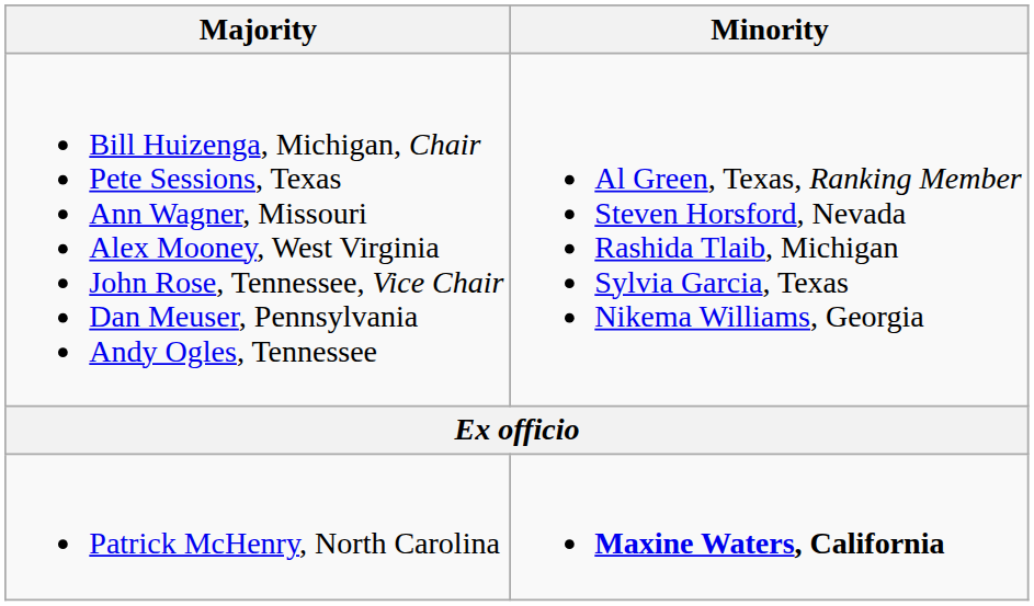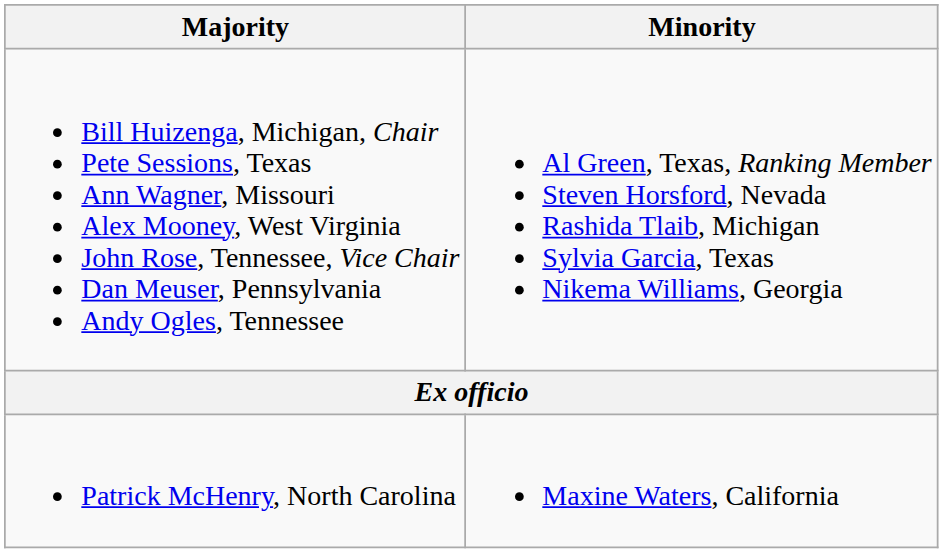 <table class=wikitable>
 <tr>
 <th>Majority</th>
 <th>Minority</th>
 </tr>
 <tr>
 <td><br><ul><li><a href='#'>Bill Huizenga</a>, Michigan, <em>Chair</em></li><li><a href='#'>Pete Sessions</a>, Texas</li><li><a href='#'>Ann Wagner</a>, Missouri</li><li><a href='#'>Alex Mooney</a>, West Virginia</li><li><a href='#'>John Rose</a>, Tennessee, <em>Vice Chair</em></li><li><a href='#'>Dan Meuser</a>, Pennsylvania</li><li><a href='#'>Andy Ogles</a>, Tennessee</li></ul></td>
 <td><br><ul><li><a href='#'>Al Green</a>, Texas, <em>Ranking Member</em></li><li><a href='#'>Steven Horsford</a>, Nevada</li><li><a href='#'>Rashida Tlaib</a>, Michigan</li><li><a href='#'>Sylvia Garcia</a>, Texas</li><li><a href='#'>Nikema Williams</a>, Georgia</li></ul></td>
 </tr>
 <tr>
 <th colspan=2><em>Ex officio</em></th>
 </tr>
 <tr>
 <td><br><ul><li><a href='#'>Patrick McHenry</a>, North Carolina</li></ul></td>
-<td><strong><br><ul><li><a href='#'>Maxine Waters</a>, California</li></ul></strong></td>
+<td><br><ul><li><a href='#'>Maxine Waters</a>, California</li></ul></td>
 </tr>
 </table>
